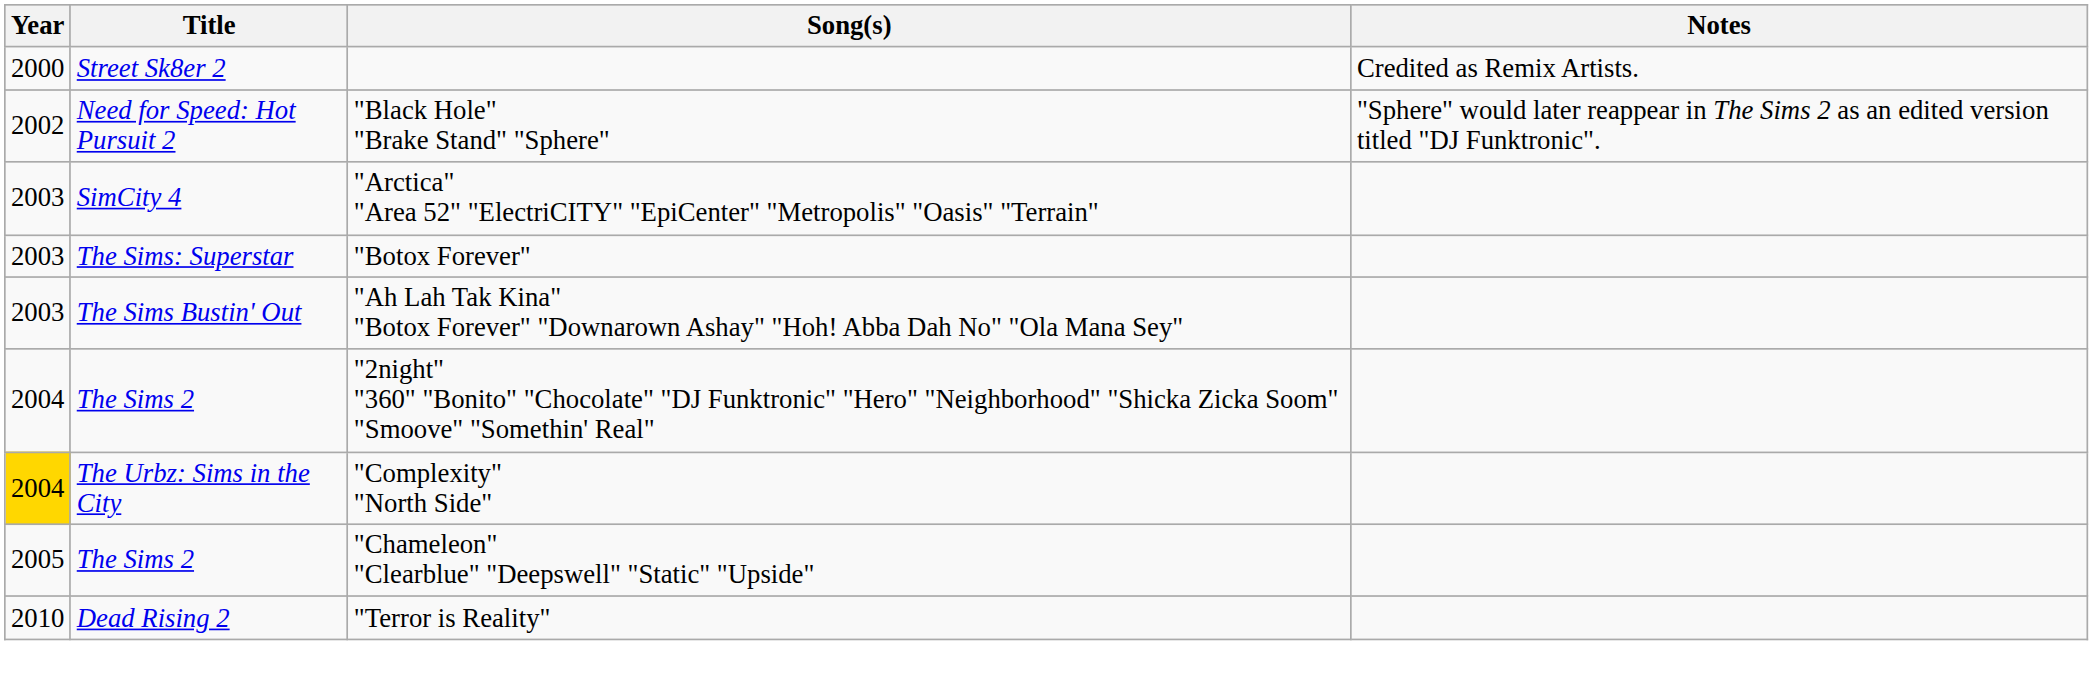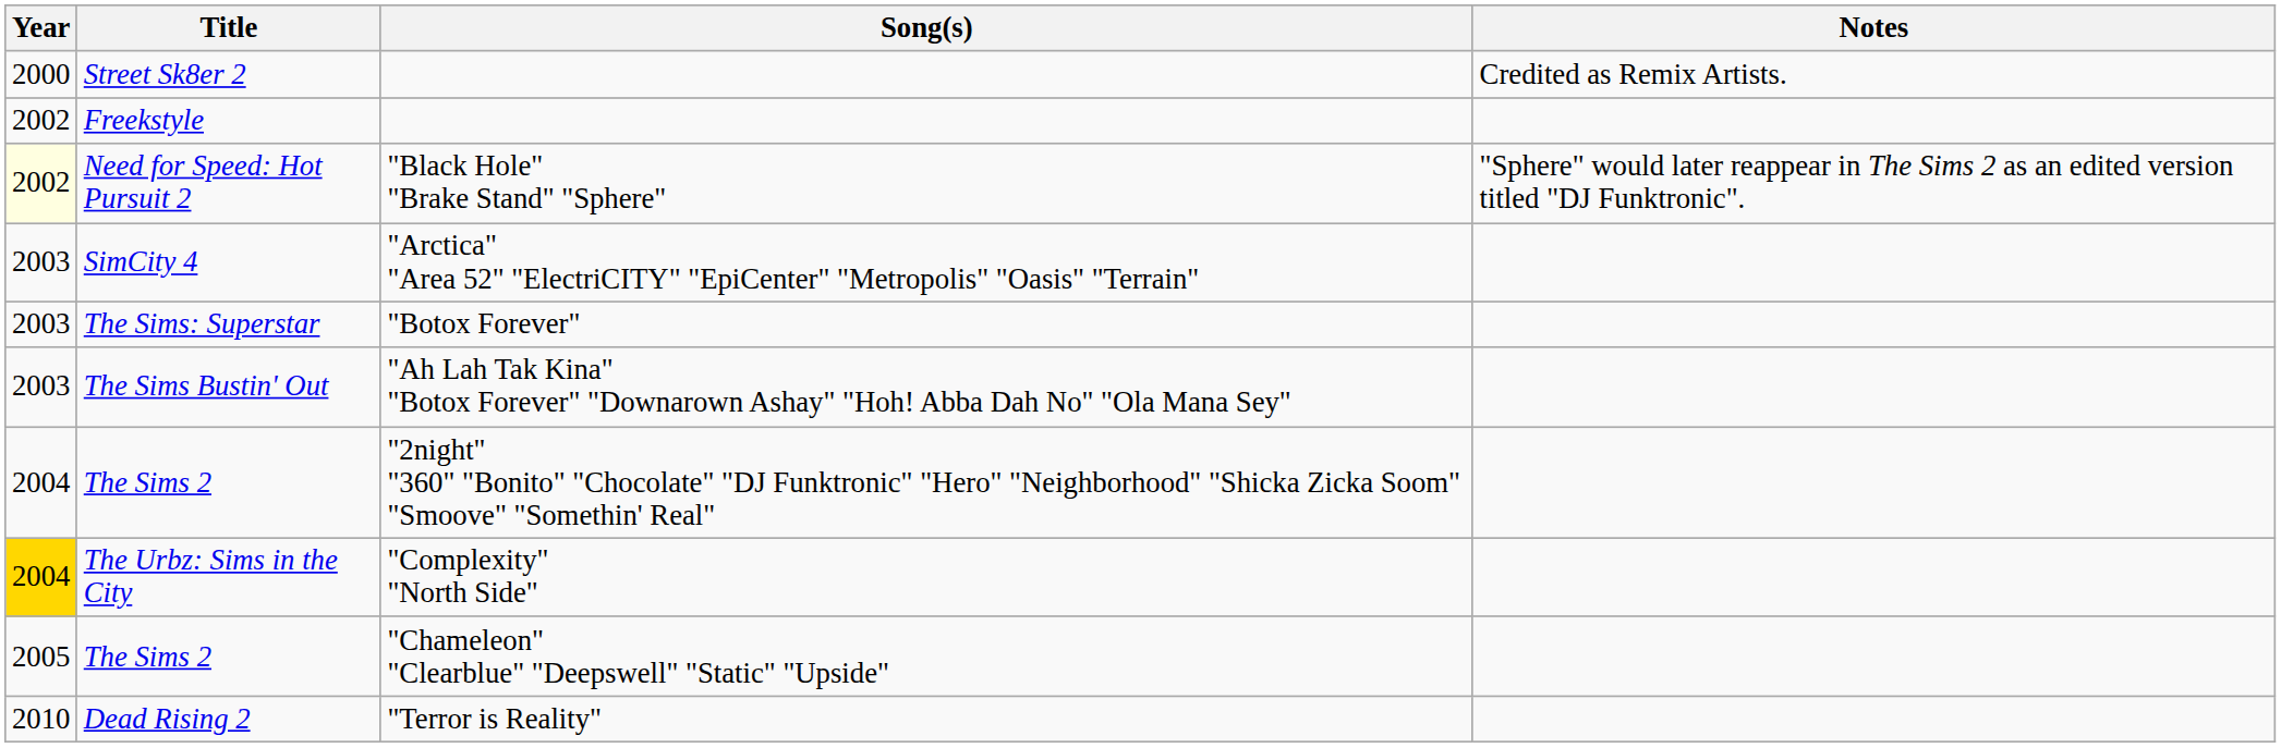 <table class="wikitable">
 <tr>
 <th>Year</th>
 <th>Title</th>
 <th>Song(s)</th>
 <th>Notes</th>
 </tr>
 <tr>
 <td>2000</td>
 <td><em><a href='#'>Street Sk8er 2</a></em></td>
 <td></td>
 <td>Credited as Remix Artists.</td>
 </tr>
 <tr>
 <td>2002</td>
+<td><em><a href='#'>Freekstyle</a></em></td>
+<td></td>
+<td></td>
+</tr>
+<tr>
+<td style="background: lightyellow;">2002</td>
 <td><em><a href='#'>Need for Speed: Hot Pursuit 2</a></em></td>
 <td>"Black Hole"<br>"Brake Stand" "Sphere"</td>
 <td>"Sphere" would later reappear in <em>The Sims 2</em> as an edited version titled "DJ Funktronic".</td>
 </tr>
 <tr>
 <td>2003</td>
 <td><em><a href='#'>SimCity 4</a></em></td>
 <td>"Arctica"<br>"Area 52" "ElectriCITY" "EpiCenter" "Metropolis" "Oasis" "Terrain"</td>
 <td></td>
 </tr>
 <tr>
 <td>2003</td>
 <td><em><a href='#'>The Sims: Superstar</a></em></td>
 <td>"Botox Forever"</td>
 <td></td>
 </tr>
 <tr>
 <td>2003</td>
 <td><em><a href='#'>The Sims Bustin' Out</a></em></td>
 <td>"Ah Lah Tak Kina"<br>"Botox Forever" "Downarown Ashay" "Hoh! Abba Dah No" "Ola Mana Sey"</td>
 <td></td>
 </tr>
 <tr>
 <td>2004</td>
 <td><em><a href='#'>The Sims 2</a></em></td>
 <td>"2night"<br>"360" "Bonito" "Chocolate" "DJ Funktronic" "Hero" "Neighborhood" "Shicka Zicka Soom" "Smoove" "Somethin' Real"</td>
 <td></td>
 </tr>
 <tr>
 <td style="background: gold;">2004</td>
 <td><em><a href='#'>The Urbz: Sims in the City</a></em></td>
 <td>"Complexity"<br>"North Side"</td>
 <td></td>
 </tr>
 <tr>
 <td>2005</td>
 <td><a href='#'><em>The Sims 2</em></a></td>
 <td>"Chameleon"<br>"Clearblue" "Deepswell" "Static" "Upside"</td>
 <td></td>
 </tr>
 <tr>
 <td>2010</td>
 <td><em><a href='#'>Dead Rising 2</a></em></td>
 <td>"Terror is Reality"</td>
 <td></td>
 </tr>
 </table>
